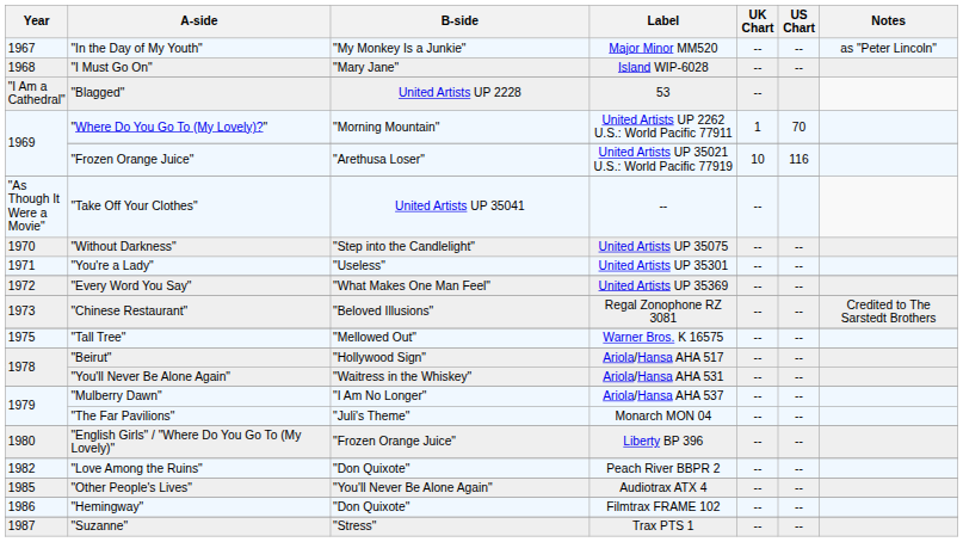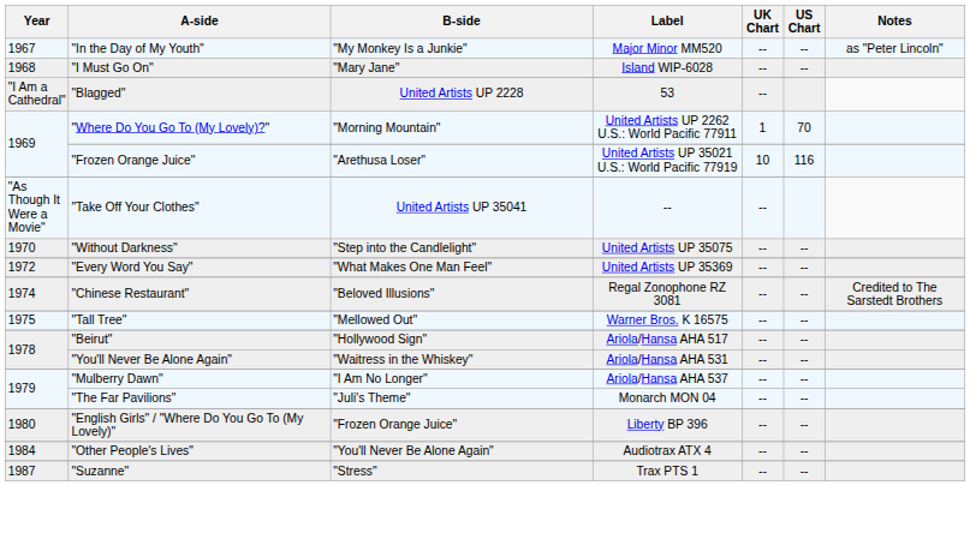 <table class="wikitable">
 <tr>
 <th style="width:28px;" rowspan="1">Year</th>
 <th style="width:500px;" rowspan="1">A-side</th>
 <th style="width:500px;" rowspan="1">B-side</th>
 <th style="width:250px;" rowspan="1">Label</th>
 <th style="width:50px;" rowspan="1">UK Chart</th>
 <th style="width:50px;" rowspan="1">US Chart</th>
 <th style="width:250px;" rowspan="1">Notes</th>
 </tr>
 <tr style="background:#f0f8ff;">
 <td style="text-align:left;" rowspan="1">1967</td>
 <td align="left">"In the Day of My Youth"</td>
 <td align="left">"My Monkey Is a Junkie"</td>
 <td style="text-align:center;"><a href='#'>Major Minor</a> MM520</td>
 <td style="text-align:center;">--</td>
 <td style="text-align:center;">--</td>
 <td style="text-align:center;">as "Peter Lincoln"</td>
 </tr>
 <tr style="background:#efefef;">
 <td style="text-align:left;" rowspan="2">1968</td>
 <td align="left">"I Must Go On"</td>
 <td align="left">"Mary Jane"</td>
 <td style="text-align:center;"><a href='#'>Island</a> WIP-6028</td>
 <td style="text-align:center;">--</td>
 <td style="text-align:center;">--</td>
 <td style="text-align:center;"></td>
 </tr>
 <tr>
 </tr>
 <tr style="background:#efefef;">
 <td align="left">"I Am a Cathedral"</td>
 <td align="left">"Blagged"</td>
 <td style="text-align:center;"><a href='#'>United Artists</a>	UP 2228</td>
 <td style="text-align:center;">53</td>
 <td style="text-align:center;">--</td>
 <td style="text-align:center;"></td>
 </tr>
 <tr style="background:#f0f8ff;">
 <td style="text-align:left;" rowspan="3">1969</td>
 <td align="left">"<a href='#'>Where Do You Go To (My Lovely)?</a>"</td>
 <td align="left">"Morning Mountain"</td>
 <td style="text-align:center;"><a href='#'>United Artists</a> UP 2262<br>U.S.: World Pacific 77911</td>
 <td style="text-align:center;">1</td>
 <td style="text-align:center;">70</td>
 <td style="text-align:center;"></td>
 </tr>
 <tr>
 </tr>
 <tr style="background:#f0f8ff;">
 <td align="left">"Frozen Orange Juice"</td>
 <td align="left">"Arethusa Loser"</td>
 <td style="text-align:center;"><a href='#'>United Artists</a> UP 35021<br>U.S.: World Pacific 77919</td>
 <td style="text-align:center;">10</td>
 <td style="text-align:center;">116</td>
 <td style="text-align:center;"></td>
 </tr>
 <tr>
 </tr>
 <tr style="background:#f0f8ff;">
 <td align="left">"As Though It Were a Movie"</td>
 <td align="left">"Take Off Your Clothes"</td>
 <td style="text-align:center;"><a href='#'>United Artists</a> UP 35041</td>
 <td style="text-align:center;">--</td>
 <td style="text-align:center;">--</td>
 <td style="text-align:center;"></td>
 </tr>
 <tr style="background:#efefef;">
 <td style="text-align:left;" rowspan="1">1970</td>
 <td align="left">"Without Darkness"</td>
 <td align="left">"Step into the Candlelight"</td>
 <td style="text-align:center;"><a href='#'>United Artists</a> UP 35075</td>
 <td style="text-align:center;">--</td>
 <td style="text-align:center;">--</td>
 <td style="text-align:center;"></td>
 </tr>
-<tr style="background:#f0f8ff;">
-<td style="text-align:left;" rowspan="1">1971</td>
-<td align="left">"You're a Lady"</td>
-<td align="left">"Useless"</td>
-<td style="text-align:center;"><a href='#'>United Artists</a> UP 35301</td>
-<td style="text-align:center;">--</td>
-<td style="text-align:center;">--</td>
-<td style="text-align:center;"></td>
-</tr>
 <tr>
 </tr>
 <tr style="background:#efefef;">
 <td style="text-align:left;" rowspan="1">1972</td>
 <td align="left">"Every Word You Say"</td>
 <td align="left">"What Makes One Man Feel"</td>
 <td style="text-align:center;"><a href='#'>United Artists</a> UP 35369</td>
 <td style="text-align:center;">--</td>
 <td style="text-align:center;">--</td>
 <td style="text-align:center;"></td>
 </tr>
 <tr>
 </tr>
 <tr style="background:#efefef;">
-<td style="text-align:left;" rowspan="1">1973</td>
+<td style="text-align:left;" rowspan="1">1974</td>
 <td align="left">"Chinese Restaurant"</td>
 <td align="left">"Beloved Illusions"</td>
 <td style="text-align:center;">Regal Zonophone RZ 3081</td>
 <td style="text-align:center;">--</td>
 <td style="text-align:center;">--</td>
 <td style="text-align:center;">Credited to The Sarstedt Brothers</td>
 </tr>
 <tr>
 </tr>
 <tr style="background:#f0f8ff;">
 <td style="text-align:left;" rowspan="1">1975</td>
 <td align="left">"Tall Tree"</td>
 <td align="left">"Mellowed Out"</td>
 <td style="text-align:center;"><a href='#'>Warner Bros.</a> K 16575</td>
 <td style="text-align:center;">--</td>
 <td style="text-align:center;">--</td>
 <td style="text-align:center;"></td>
 </tr>
 <tr>
 </tr>
 <tr style="background:#efefef;">
 <td style="text-align:left;" rowspan="2">1978</td>
 <td align="left">"Beirut"</td>
 <td align="left">"Hollywood Sign"</td>
 <td style="text-align:center;"><a href='#'>Ariola</a>/<a href='#'>Hansa</a> AHA 517</td>
 <td style="text-align:center;">--</td>
 <td style="text-align:center;">--</td>
 <td style="text-align:center;"></td>
 </tr>
 <tr style="background:#efefef;">
 <td align="left">"You'll Never Be Alone Again"</td>
 <td align="left">"Waitress in the Whiskey"</td>
 <td style="text-align:center;"><a href='#'>Ariola</a>/<a href='#'>Hansa</a> AHA 531</td>
 <td style="text-align:center;">--</td>
 <td style="text-align:center;">--</td>
 <td style="text-align:center;"></td>
 </tr>
 <tr>
 </tr>
 <tr style="background:#f0f8ff;">
 <td style="text-align:left;" rowspan="2">1979</td>
 <td align="left">"Mulberry Dawn"</td>
 <td align="left">"I Am No Longer"</td>
 <td style="text-align:center;"><a href='#'>Ariola</a>/<a href='#'>Hansa</a> AHA 537</td>
 <td style="text-align:center;">--</td>
 <td style="text-align:center;">--</td>
 <td style="text-align:center;"></td>
 </tr>
 <tr style="background:#f0f8ff;">
 <td align="left">"The Far Pavilions"</td>
 <td align="left">"Juli's Theme"</td>
 <td style="text-align:center;">Monarch MON 04</td>
 <td style="text-align:center;">--</td>
 <td style="text-align:center;">--</td>
 <td style="text-align:center;"></td>
 </tr>
 <tr>
 </tr>
 <tr style="background:#efefef;">
 <td style="text-align:left;" rowspan="1">1980</td>
 <td align="left">"English Girls" / "Where Do You Go To (My Lovely)"</td>
 <td align="left">"Frozen Orange Juice"</td>
 <td style="text-align:center;"><a href='#'>Liberty</a> BP 396</td>
 <td style="text-align:center;">--</td>
 <td style="text-align:center;">--</td>
 <td style="text-align:center;"></td>
 </tr>
 <tr>
 </tr>
-<tr style="background:#f0f8ff;">
-<td style="text-align:left;" rowspan="1">1982</td>
-<td align="left">"Love Among the Ruins"</td>
-<td align="left">"Don Quixote"</td>
-<td style="text-align:center;">Peach River BBPR 2</td>
-<td style="text-align:center;">--</td>
-<td style="text-align:center;">--</td>
-<td style="text-align:center;"></td>
-</tr>
 <tr>
 </tr>
 <tr style="background:#efefef;">
-<td style="text-align:left;" rowspan="1">1985</td>
+<td style="text-align:left;" rowspan="1">1984</td>
 <td align="left">"Other People's Lives"</td>
 <td align="left">"You'll Never Be Alone Again"</td>
 <td style="text-align:center;">Audiotrax	ATX 4</td>
 <td style="text-align:center;">--</td>
 <td style="text-align:center;">--</td>
 <td style="text-align:center;"></td>
 </tr>
 <tr>
-</tr>
-<tr style="background:#f0f8ff;">
-<td style="text-align:left;" rowspan="1">1986</td>
-<td align="left">"Hemingway"</td>
-<td align="left">"Don Quixote"</td>
-<td style="text-align:center;">Filmtrax FRAME 102</td>
-<td style="text-align:center;">--</td>
-<td style="text-align:center;">--</td>
-<td style="text-align:center;"></td>
 </tr>
 <tr>
 </tr>
 <tr style="background:#efefef;">
 <td style="text-align:left;" rowspan="1">1987</td>
 <td align="left">"Suzanne"</td>
 <td align="left">"Stress"</td>
 <td style="text-align:center;">Trax PTS 1</td>
 <td style="text-align:center;">--</td>
 <td style="text-align:center;">--</td>
 <td style="text-align:center;"></td>
 </tr>
 </table>
